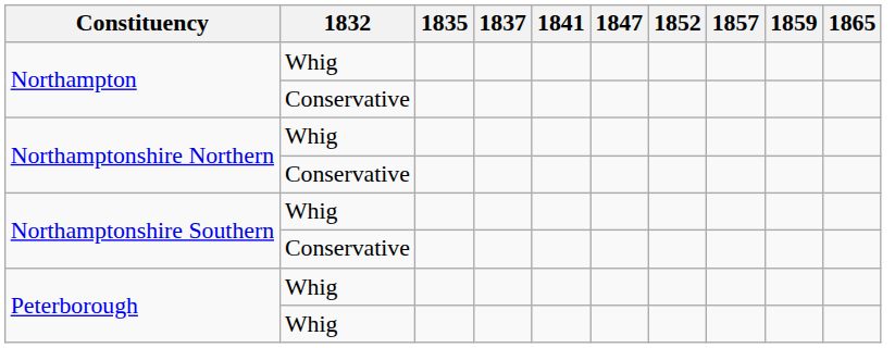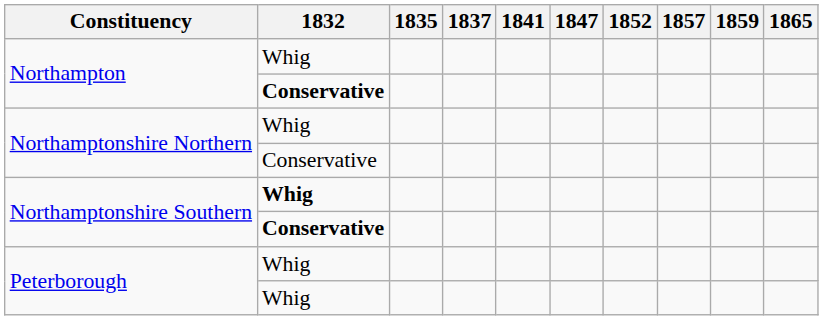 <table class=wikitable sortable>
 <tr>
 <th>Constituency</th>
 <th>1832</th>
 <th>1835</th>
 <th>1837</th>
 <th>1841</th>
 <th>1847</th>
 <th>1852</th>
 <th>1857</th>
 <th>1859</th>
 <th>1865</th>
 </tr>
 <tr>
 <td rowspan=2><a href='#'>Northampton</a></td>
 <td bgcolor=>Whig</td>
 <td></td>
 <td></td>
 <td></td>
 <td></td>
 <td></td>
 <td></td>
 <td></td>
 <td></td>
 </tr>
 <tr>
-<td bgcolor=>Conservative</td>
+<td bgcolor=><strong>Conservative</strong></td>
 <td></td>
 <td></td>
 <td></td>
 <td></td>
 <td></td>
 <td></td>
 <td></td>
 <td></td>
 </tr>
 <tr>
 <td rowspan=2><a href='#'>Northamptonshire Northern</a></td>
 <td bgcolor=>Whig</td>
 <td></td>
 <td></td>
 <td></td>
 <td></td>
 <td></td>
 <td></td>
 <td></td>
 <td></td>
 </tr>
 <tr>
 <td bgcolor=>Conservative</td>
 <td></td>
 <td></td>
 <td></td>
 <td></td>
 <td></td>
 <td></td>
 <td></td>
 <td></td>
 </tr>
 <tr>
 <td rowspan=2><a href='#'>Northamptonshire Southern</a></td>
-<td bgcolor=>Whig</td>
+<td bgcolor=><strong>Whig</strong></td>
 <td></td>
 <td></td>
 <td></td>
 <td></td>
 <td></td>
 <td></td>
 <td></td>
 <td></td>
 </tr>
 <tr>
-<td bgcolor=>Conservative</td>
+<td bgcolor=><strong>Conservative</strong></td>
 <td></td>
 <td></td>
 <td></td>
 <td></td>
 <td></td>
 <td></td>
 <td></td>
 <td></td>
 </tr>
 <tr>
 <td rowspan=2><a href='#'>Peterborough</a></td>
 <td bgcolor=>Whig</td>
 <td></td>
 <td></td>
 <td></td>
 <td></td>
 <td></td>
 <td></td>
 <td></td>
 <td></td>
 </tr>
 <tr>
 <td bgcolor=>Whig</td>
 <td></td>
 <td></td>
 <td></td>
 <td></td>
 <td></td>
 <td></td>
 <td></td>
 <td></td>
 </tr>
 </table>
